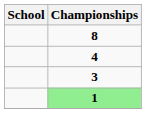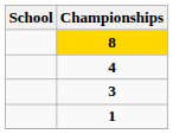 <table class="wikitable sortable" style="text-align:center">
 <tr>
 <th>School</th>
 <th>Championships</th>
 </tr>
 <tr>
 <td><strong><a href='#'></a></strong></td>
-<td><strong>8</strong></td>
+<td style="background: gold;"><strong>8</strong></td>
 </tr>
 <tr>
 <td><strong><a href='#'></a></strong></td>
 <td><strong>4</strong></td>
 </tr>
 <tr>
 <td><strong><a href='#'></a></strong></td>
 <td><strong>3</strong></td>
 </tr>
 <tr>
 <td><strong><a href='#'></a></strong></td>
-<td style="background: lightgreen;"><strong>1</strong></td>
+<td><strong>1</strong></td>
 </tr>
 <tr>
 </tr>
 </table>
